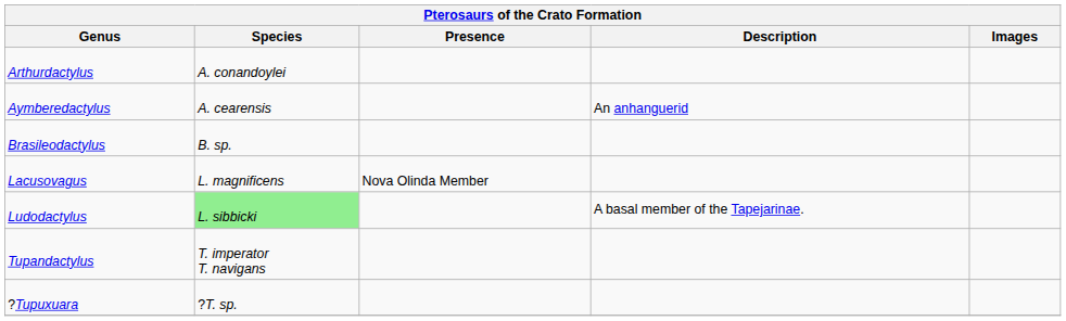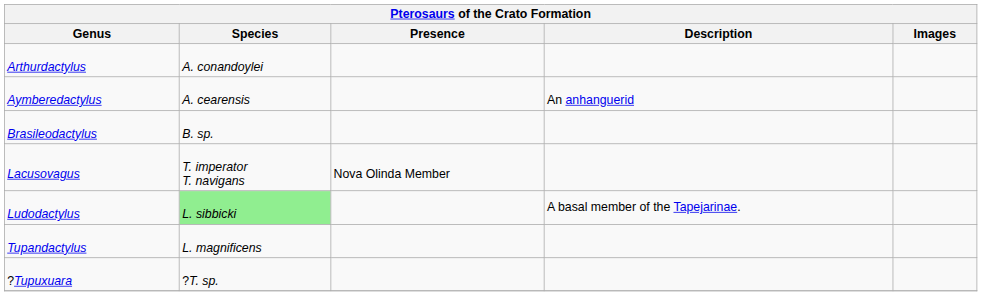 <table class="wikitable" align="center" width="100%">
 <tr>
 <th colspan="5" style="text-align:center"><strong><a href='#'>Pterosaurs</a> of the Crato Formation</strong></th>
 </tr>
 <tr>
 <th>Genus</th>
 <th>Species</th>
 <th>Presence</th>
 <th>Description</th>
 <th>Images</th>
 </tr>
 <tr>
 <td><br><em><a href='#'>Arthurdactylus</a></em></td>
 <td><br><em>A. conandoylei</em></td>
 <td></td>
 <td></td>
 <td></td>
 </tr>
 <tr>
 <td><br><em><a href='#'>Aymberedactylus</a></em></td>
 <td><br><em>A. cearensis</em></td>
 <td></td>
 <td><br>An <a href='#'>anhanguerid</a></td>
 <td></td>
 </tr>
 <tr>
 <td><br><em><a href='#'>Brasileodactylus</a></em></td>
 <td><br><em>B. sp.</em></td>
 <td></td>
 <td></td>
 <td></td>
 </tr>
 <tr>
 <td><br><em><a href='#'>Lacusovagus</a></em></td>
-<td><br><em>L. magnificens</em></td>
+<td><br><em>T. imperator</em><br> <em>T. navigans</em></td>
 <td><br>Nova Olinda Member</td>
 <td></td>
 <td></td>
 </tr>
 <tr>
 <td><br><em><a href='#'>Ludodactylus</a></em></td>
 <td style="background: lightgreen;"><br><em>L. sibbicki</em></td>
 <td></td>
 <td>A basal member of the <a href='#'>Tapejarinae</a>.</td>
 <td><br></td>
 </tr>
 <tr>
 <td><br><em><a href='#'>Tupandactylus</a></em></td>
-<td><br><em>T. imperator</em><br> <em>T. navigans</em></td>
+<td><br><em>L. magnificens</em></td>
 <td></td>
 <td></td>
 <td><br></td>
 </tr>
 <tr>
 <td><br>?<em><a href='#'>Tupuxuara</a></em></td>
 <td><br>?<em>T. sp.</em></td>
 <td></td>
 <td></td>
 <td></td>
 </tr>
 <tr>
 </tr>
 </table>
